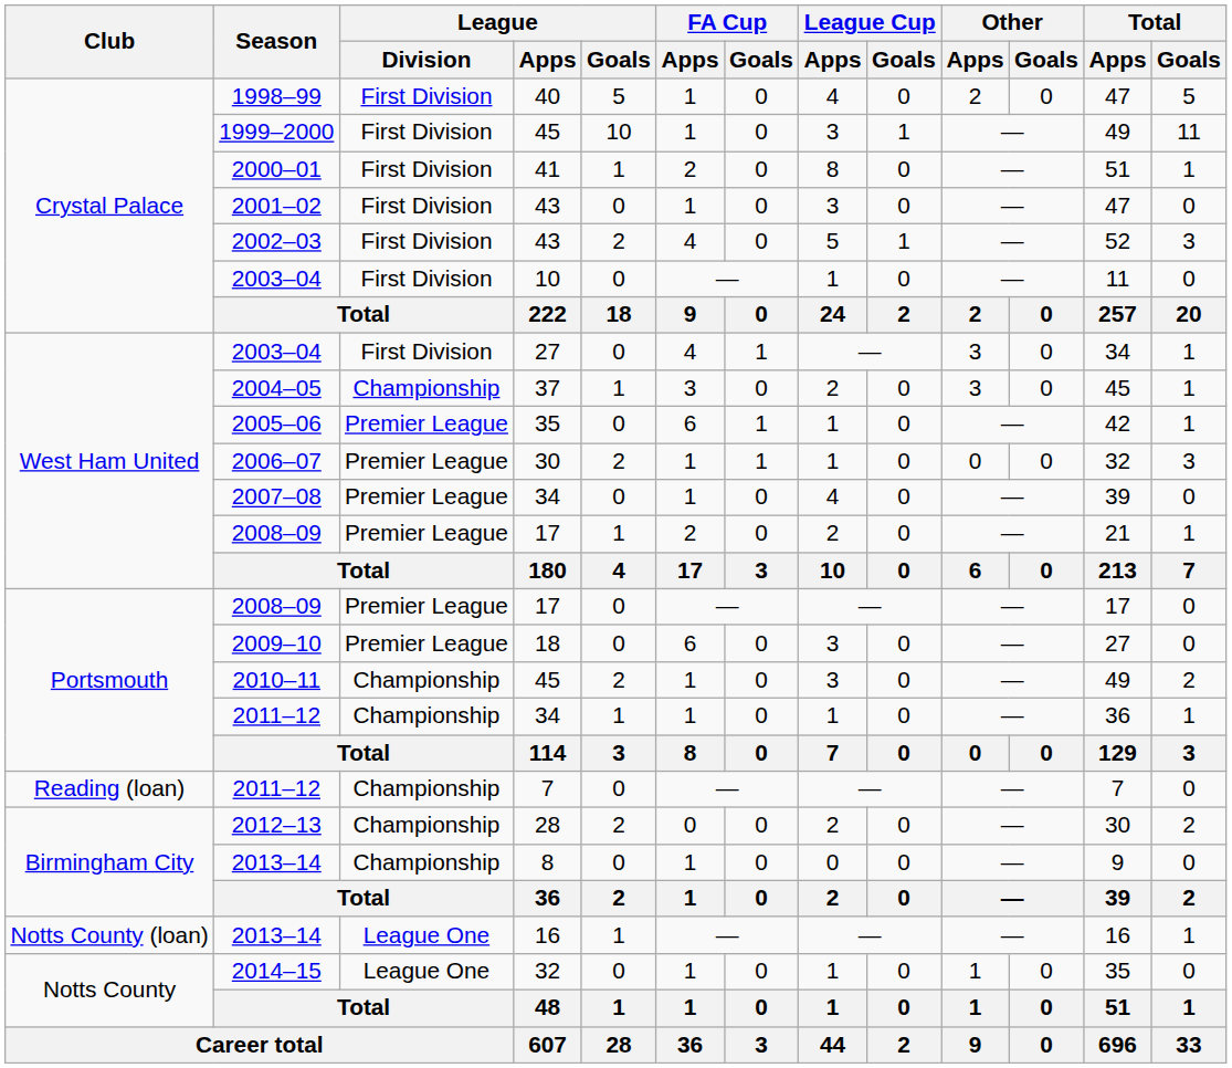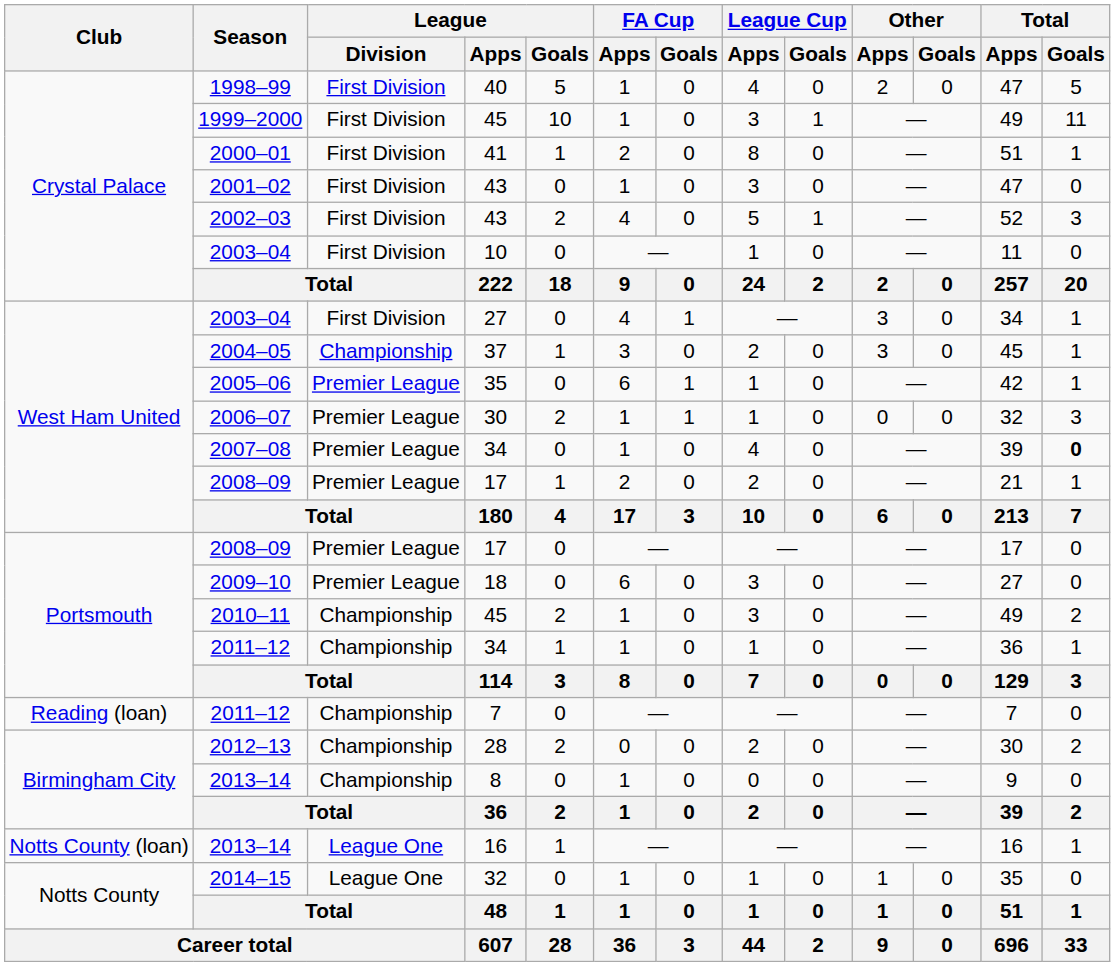 <table class=wikitable style=text-align:center>
 <tr>
 <th rowspan=2>Club</th>
 <th rowspan=2>Season</th>
 <th colspan=3>League</th>
 <th colspan=2><a href='#'>FA Cup</a></th>
 <th colspan=2><a href='#'>League Cup</a></th>
 <th colspan=2>Other</th>
 <th colspan=2>Total</th>
 </tr>
 <tr>
 <th>Division</th>
 <th>Apps</th>
 <th>Goals</th>
 <th>Apps</th>
 <th>Goals</th>
 <th>Apps</th>
 <th>Goals</th>
 <th>Apps</th>
 <th>Goals</th>
 <th>Apps</th>
 <th>Goals</th>
 </tr>
 <tr>
 <td rowspan=7><a href='#'>Crystal Palace</a></td>
 <td><a href='#'>1998–99</a></td>
 <td><a href='#'>First Division</a></td>
 <td>40</td>
 <td>5</td>
 <td>1</td>
 <td>0</td>
 <td>4</td>
 <td>0</td>
 <td>2</td>
 <td>0</td>
 <td>47</td>
 <td>5</td>
 </tr>
 <tr>
 <td><a href='#'>1999–2000</a></td>
 <td>First Division</td>
 <td>45</td>
 <td>10</td>
 <td>1</td>
 <td>0</td>
 <td>3</td>
 <td>1</td>
 <td colspan=2>—</td>
 <td>49</td>
 <td>11</td>
 </tr>
 <tr>
 <td><a href='#'>2000–01</a></td>
 <td>First Division</td>
 <td>41</td>
 <td>1</td>
 <td>2</td>
 <td>0</td>
 <td>8</td>
 <td>0</td>
 <td colspan=2>—</td>
 <td>51</td>
 <td>1</td>
 </tr>
 <tr>
 <td><a href='#'>2001–02</a></td>
 <td>First Division</td>
 <td>43</td>
 <td>0</td>
 <td>1</td>
 <td>0</td>
 <td>3</td>
 <td>0</td>
 <td colspan=2>—</td>
 <td>47</td>
 <td>0</td>
 </tr>
 <tr>
 <td><a href='#'>2002–03</a></td>
 <td>First Division</td>
 <td>43</td>
 <td>2</td>
 <td>4</td>
 <td>0</td>
 <td>5</td>
 <td>1</td>
 <td colspan=2>—</td>
 <td>52</td>
 <td>3</td>
 </tr>
 <tr>
 <td><a href='#'>2003–04</a></td>
 <td>First Division</td>
 <td>10</td>
 <td>0</td>
 <td colspan=2>—</td>
 <td>1</td>
 <td>0</td>
 <td colspan=2>—</td>
 <td>11</td>
 <td>0</td>
 </tr>
 <tr>
 <th colspan=2>Total</th>
 <th>222</th>
 <th>18</th>
 <th>9</th>
 <th>0</th>
 <th>24</th>
 <th>2</th>
 <th>2</th>
 <th>0</th>
 <th>257</th>
 <th>20</th>
 </tr>
 <tr>
 <td rowspan=7><a href='#'>West Ham United</a></td>
 <td><a href='#'>2003–04</a></td>
 <td>First Division</td>
 <td>27</td>
 <td>0</td>
 <td>4</td>
 <td>1</td>
 <td colspan=2>—</td>
 <td>3</td>
 <td>0</td>
 <td>34</td>
 <td>1</td>
 </tr>
 <tr>
 <td><a href='#'>2004–05</a></td>
 <td><a href='#'>Championship</a></td>
 <td>37</td>
 <td>1</td>
 <td>3</td>
 <td>0</td>
 <td>2</td>
 <td>0</td>
 <td>3</td>
 <td>0</td>
 <td>45</td>
 <td>1</td>
 </tr>
 <tr>
 <td><a href='#'>2005–06</a></td>
 <td><a href='#'>Premier League</a></td>
 <td>35</td>
 <td>0</td>
 <td>6</td>
 <td>1</td>
 <td>1</td>
 <td>0</td>
 <td colspan=2>—</td>
 <td>42</td>
 <td>1</td>
 </tr>
 <tr>
 <td><a href='#'>2006–07</a></td>
 <td>Premier League</td>
 <td>30</td>
 <td>2</td>
 <td>1</td>
 <td>1</td>
 <td>1</td>
 <td>0</td>
 <td>0</td>
 <td>0</td>
 <td>32</td>
 <td>3</td>
 </tr>
 <tr>
 <td><a href='#'>2007–08</a></td>
 <td>Premier League</td>
 <td>34</td>
 <td>0</td>
 <td>1</td>
 <td>0</td>
 <td>4</td>
 <td>0</td>
 <td colspan=2>—</td>
 <td>39</td>
-<td>0</td>
+<td><strong>0</strong></td>
 </tr>
 <tr>
 <td><a href='#'>2008–09</a></td>
 <td>Premier League</td>
 <td>17</td>
 <td>1</td>
 <td>2</td>
 <td>0</td>
 <td>2</td>
 <td>0</td>
 <td colspan=2>—</td>
 <td>21</td>
 <td>1</td>
 </tr>
 <tr>
 <th colspan=2>Total</th>
 <th>180</th>
 <th>4</th>
 <th>17</th>
 <th>3</th>
 <th>10</th>
 <th>0</th>
 <th>6</th>
 <th>0</th>
 <th>213</th>
 <th>7</th>
 </tr>
 <tr>
 <td rowspan=5><a href='#'>Portsmouth</a></td>
 <td><a href='#'>2008–09</a></td>
 <td>Premier League</td>
 <td>17</td>
 <td>0</td>
 <td colspan=2>—</td>
 <td colspan=2>—</td>
 <td colspan=2>—</td>
 <td>17</td>
 <td>0</td>
 </tr>
 <tr>
 <td><a href='#'>2009–10</a></td>
 <td>Premier League</td>
 <td>18</td>
 <td>0</td>
 <td>6</td>
 <td>0</td>
 <td>3</td>
 <td>0</td>
 <td colspan=2>—</td>
 <td>27</td>
 <td>0</td>
 </tr>
 <tr>
 <td><a href='#'>2010–11</a></td>
 <td>Championship</td>
 <td>45</td>
 <td>2</td>
 <td>1</td>
 <td>0</td>
 <td>3</td>
 <td>0</td>
 <td colspan=2>—</td>
 <td>49</td>
 <td>2</td>
 </tr>
 <tr>
 <td><a href='#'>2011–12</a></td>
 <td>Championship</td>
 <td>34</td>
 <td>1</td>
 <td>1</td>
 <td>0</td>
 <td>1</td>
 <td>0</td>
 <td colspan=2>—</td>
 <td>36</td>
 <td>1</td>
 </tr>
 <tr>
 <th colspan=2>Total</th>
 <th>114</th>
 <th>3</th>
 <th>8</th>
 <th>0</th>
 <th>7</th>
 <th>0</th>
 <th>0</th>
 <th>0</th>
 <th>129</th>
 <th>3</th>
 </tr>
 <tr>
 <td><a href='#'>Reading</a> (loan)</td>
 <td><a href='#'>2011–12</a></td>
 <td>Championship</td>
 <td>7</td>
 <td>0</td>
 <td colspan=2>—</td>
 <td colspan=2>—</td>
 <td colspan=2>—</td>
 <td>7</td>
 <td>0</td>
 </tr>
 <tr>
 <td rowspan=3><a href='#'>Birmingham City</a></td>
 <td><a href='#'>2012–13</a></td>
 <td>Championship</td>
 <td>28</td>
 <td>2</td>
 <td>0</td>
 <td>0</td>
 <td>2</td>
 <td>0</td>
 <td colspan=2>—</td>
 <td>30</td>
 <td>2</td>
 </tr>
 <tr>
 <td><a href='#'>2013–14</a></td>
 <td>Championship</td>
 <td>8</td>
 <td>0</td>
 <td>1</td>
 <td>0</td>
 <td>0</td>
 <td>0</td>
 <td colspan=2>—</td>
 <td>9</td>
 <td>0</td>
 </tr>
 <tr>
 <th colspan=2>Total</th>
 <th>36</th>
 <th>2</th>
 <th>1</th>
 <th>0</th>
 <th>2</th>
 <th>0</th>
 <th colspan=2>—</th>
 <th>39</th>
 <th>2</th>
 </tr>
 <tr>
 <td><a href='#'>Notts County</a> (loan)</td>
 <td><a href='#'>2013–14</a></td>
 <td><a href='#'>League One</a></td>
 <td>16</td>
 <td>1</td>
 <td colspan=2>—</td>
 <td colspan=2>—</td>
 <td colspan=2>—</td>
 <td>16</td>
 <td>1</td>
 </tr>
 <tr>
 <td rowspan="2">Notts County</td>
 <td><a href='#'>2014–15</a></td>
 <td>League One</td>
 <td>32</td>
 <td>0</td>
 <td>1</td>
 <td>0</td>
 <td>1</td>
 <td>0</td>
 <td>1</td>
 <td>0</td>
 <td>35</td>
 <td>0</td>
 </tr>
 <tr>
 <th colspan=2>Total</th>
 <th>48</th>
 <th>1</th>
 <th>1</th>
 <th>0</th>
 <th>1</th>
 <th>0</th>
 <th>1</th>
 <th>0</th>
 <th>51</th>
 <th>1</th>
 </tr>
 <tr>
 <th colspan=3>Career total</th>
 <th>607</th>
 <th>28</th>
 <th>36</th>
 <th>3</th>
 <th>44</th>
 <th>2</th>
 <th>9</th>
 <th>0</th>
 <th>696</th>
 <th>33</th>
 </tr>
 </table>
